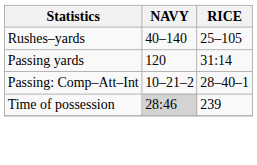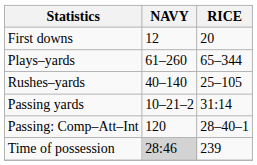 <table class="wikitable" style="float: left;">
 <tr>
 <th>Statistics</th>
 <th>NAVY</th>
 <th>RICE</th>
+</tr>
+<tr>
+<td>First downs</td>
+<td>12</td>
+<td>20</td>
+</tr>
+<tr>
+<td>Plays–yards</td>
+<td>61–260</td>
+<td>65–344</td>
 </tr>
 <tr>
 <td>Rushes–yards</td>
 <td>40–140</td>
 <td>25–105</td>
 </tr>
 <tr>
 <td>Passing yards</td>
-<td>120</td>
+<td>10–21–2</td>
 <td>31:14</td>
 </tr>
 <tr>
 <td>Passing: Comp–Att–Int</td>
-<td>10–21–2</td>
+<td>120</td>
 <td>28–40–1</td>
 </tr>
 <tr>
 <td>Time of possession</td>
 <td style="background: lightgrey;">28:46</td>
 <td>239</td>
 </tr>
 <tr>
 </tr>
 </table>
